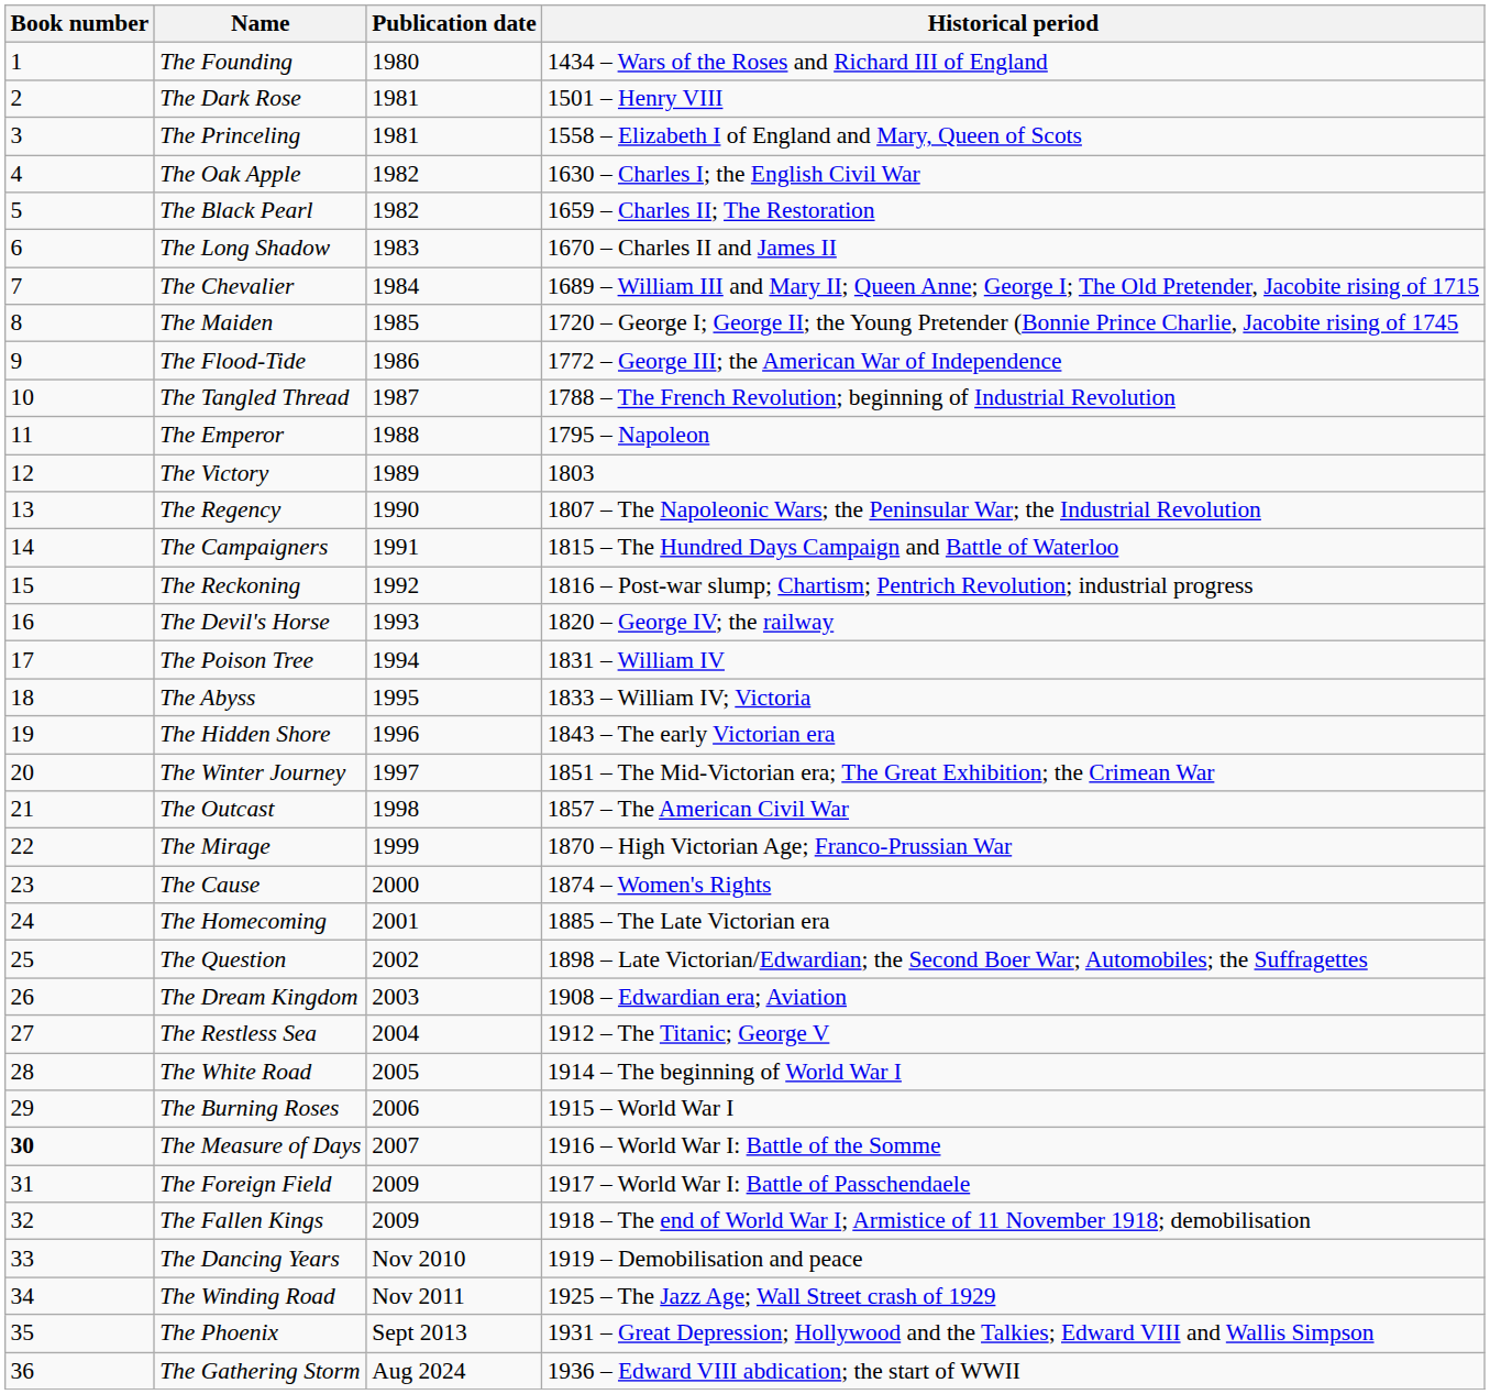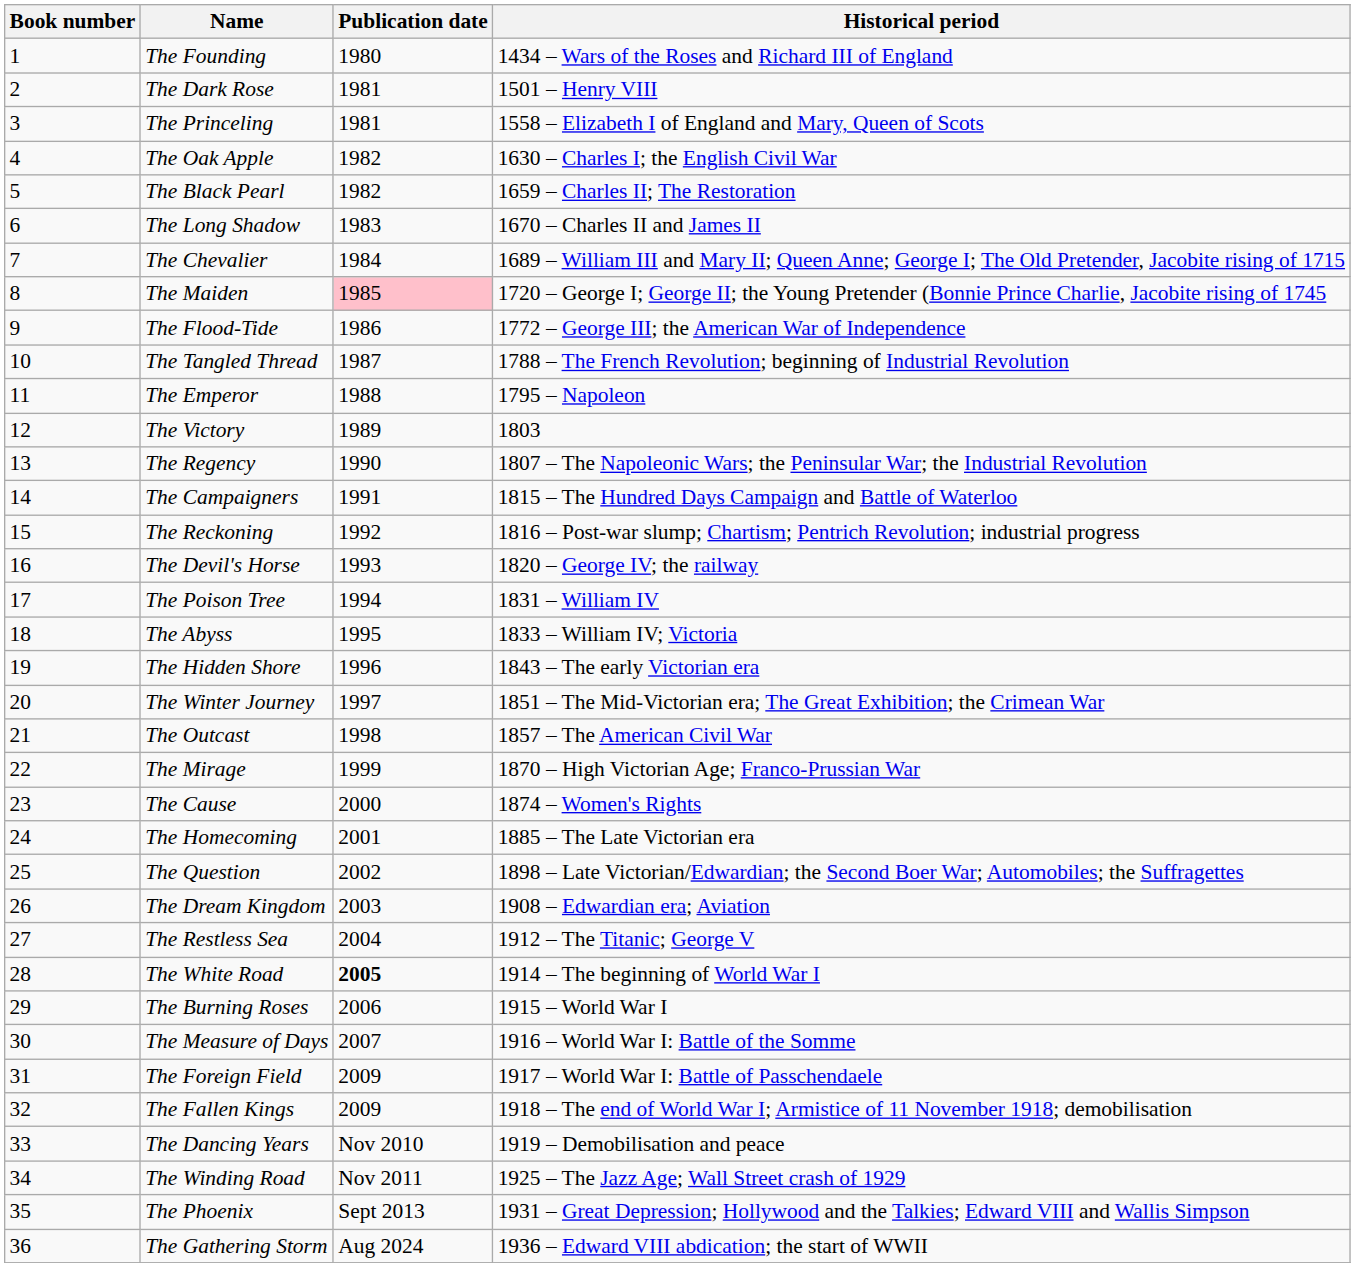 <table class="wikitable sortable">
 <tr>
 <th>Book number</th>
 <th>Name</th>
 <th>Publication date</th>
 <th>Historical period</th>
 </tr>
 <tr>
 <td>1</td>
 <td><em>The Founding</em></td>
 <td>1980</td>
 <td>1434 – <a href='#'>Wars of the Roses</a> and <a href='#'>Richard III of England</a></td>
 </tr>
 <tr>
 <td>2</td>
 <td><em>The Dark Rose</em></td>
 <td>1981</td>
 <td>1501 – <a href='#'>Henry VIII</a></td>
 </tr>
 <tr>
 <td>3</td>
 <td><em>The Princeling</em></td>
 <td>1981</td>
 <td>1558 – <a href='#'>Elizabeth I</a> of England and <a href='#'>Mary, Queen of Scots</a></td>
 </tr>
 <tr>
 <td>4</td>
 <td><em>The Oak Apple</em></td>
 <td>1982</td>
 <td>1630 – <a href='#'>Charles I</a>; the <a href='#'>English Civil War</a></td>
 </tr>
 <tr>
 <td>5</td>
 <td><em>The Black Pearl</em></td>
 <td>1982</td>
 <td>1659 – <a href='#'>Charles II</a>; <a href='#'>The Restoration</a></td>
 </tr>
 <tr>
 <td>6</td>
 <td><em>The Long Shadow</em></td>
 <td>1983</td>
 <td>1670 – Charles II and <a href='#'>James II</a></td>
 </tr>
 <tr>
 <td>7</td>
 <td><em>The Chevalier</em></td>
 <td>1984</td>
 <td>1689 – <a href='#'>William III</a> and <a href='#'>Mary II</a>; <a href='#'>Queen Anne</a>; <a href='#'>George I</a>; <a href='#'>The Old Pretender</a>, <a href='#'>Jacobite rising of 1715</a></td>
 </tr>
 <tr>
 <td>8</td>
 <td><em>The Maiden</em></td>
-<td>1985</td>
+<td style="background: pink;">1985</td>
 <td>1720 – George I; <a href='#'>George II</a>; the Young Pretender (<a href='#'>Bonnie Prince Charlie</a>, <a href='#'>Jacobite rising of 1745</a></td>
 </tr>
 <tr>
 <td>9</td>
 <td><em>The Flood-Tide</em></td>
 <td>1986</td>
 <td>1772 – <a href='#'>George III</a>; the <a href='#'>American War of Independence</a></td>
 </tr>
 <tr>
 <td>10</td>
 <td><em>The Tangled Thread</em></td>
 <td>1987</td>
 <td>1788 – <a href='#'>The French Revolution</a>; beginning of <a href='#'>Industrial Revolution</a></td>
 </tr>
 <tr>
 <td>11</td>
 <td><em>The Emperor</em></td>
 <td>1988</td>
 <td>1795 – <a href='#'>Napoleon</a></td>
 </tr>
 <tr>
 <td>12</td>
 <td><em>The Victory</em></td>
 <td>1989</td>
 <td>1803</td>
 </tr>
 <tr>
 <td>13</td>
 <td><em>The Regency</em></td>
 <td>1990</td>
 <td>1807 – The <a href='#'>Napoleonic Wars</a>; the <a href='#'>Peninsular War</a>; the <a href='#'>Industrial Revolution</a></td>
 </tr>
 <tr>
 <td>14</td>
 <td><em>The Campaigners</em></td>
 <td>1991</td>
 <td>1815 – The <a href='#'>Hundred Days Campaign</a> and <a href='#'>Battle of Waterloo</a></td>
 </tr>
 <tr>
 <td>15</td>
 <td><em>The Reckoning</em></td>
 <td>1992</td>
 <td>1816 – Post-war slump; <a href='#'>Chartism</a>; <a href='#'>Pentrich Revolution</a>; industrial progress</td>
 </tr>
 <tr>
 <td>16</td>
 <td><em>The Devil's Horse</em></td>
 <td>1993</td>
 <td>1820 – <a href='#'>George IV</a>; the <a href='#'>railway</a></td>
 </tr>
 <tr>
 <td>17</td>
 <td><em>The Poison Tree</em></td>
 <td>1994</td>
 <td>1831 – <a href='#'>William IV</a></td>
 </tr>
 <tr>
 <td>18</td>
 <td><em>The Abyss</em></td>
 <td>1995</td>
 <td>1833 – William IV; <a href='#'>Victoria</a></td>
 </tr>
 <tr>
 <td>19</td>
 <td><em>The Hidden Shore</em></td>
 <td>1996</td>
 <td>1843 – The early <a href='#'>Victorian era</a></td>
 </tr>
 <tr>
 <td>20</td>
 <td><em>The Winter Journey</em></td>
 <td>1997</td>
 <td>1851 – The Mid-Victorian era; <a href='#'>The Great Exhibition</a>; the <a href='#'>Crimean War</a></td>
 </tr>
 <tr>
 <td>21</td>
 <td><em>The Outcast</em></td>
 <td>1998</td>
 <td>1857 – The <a href='#'>American Civil War</a></td>
 </tr>
 <tr>
 <td>22</td>
 <td><em>The Mirage</em></td>
 <td>1999</td>
 <td>1870 – High Victorian Age; <a href='#'>Franco-Prussian War</a></td>
 </tr>
 <tr>
 <td>23</td>
 <td><em>The Cause</em></td>
 <td>2000</td>
 <td>1874 – <a href='#'>Women's Rights</a></td>
 </tr>
 <tr>
 <td>24</td>
 <td><em>The Homecoming</em></td>
 <td>2001</td>
 <td>1885 – The Late Victorian era</td>
 </tr>
 <tr>
 <td>25</td>
 <td><em>The Question</em></td>
 <td>2002</td>
 <td>1898 – Late Victorian/<a href='#'>Edwardian</a>; the <a href='#'>Second Boer War</a>; <a href='#'>Automobiles</a>; the <a href='#'>Suffragettes</a></td>
 </tr>
 <tr>
 <td>26</td>
 <td><em>The Dream Kingdom</em></td>
 <td>2003</td>
 <td>1908 – <a href='#'>Edwardian era</a>; <a href='#'>Aviation</a></td>
 </tr>
 <tr>
 <td>27</td>
 <td><em>The Restless Sea</em></td>
 <td>2004</td>
 <td>1912 – The <a href='#'>Titanic</a>; <a href='#'>George V</a></td>
 </tr>
 <tr>
 <td>28</td>
 <td><em>The White Road</em></td>
-<td>2005</td>
+<td><strong>2005</strong></td>
 <td>1914 – The beginning of <a href='#'>World War I</a></td>
 </tr>
 <tr>
 <td>29</td>
 <td><em>The Burning Roses</em></td>
 <td>2006</td>
 <td>1915 – World War I</td>
 </tr>
 <tr>
-<td><strong>30</strong></td>
+<td>30</td>
 <td><em>The Measure of Days</em></td>
 <td>2007</td>
 <td>1916 – World War I: <a href='#'>Battle of the Somme</a></td>
 </tr>
 <tr>
 <td>31</td>
 <td><em>The Foreign Field</em></td>
 <td>2009</td>
 <td>1917 – World War I: <a href='#'>Battle of Passchendaele</a></td>
 </tr>
 <tr>
 <td>32</td>
 <td><em>The Fallen Kings</em></td>
 <td>2009</td>
 <td>1918 – The <a href='#'>end of World War I</a>; <a href='#'>Armistice of 11 November 1918</a>; demobilisation</td>
 </tr>
 <tr>
 <td>33</td>
 <td><em>The Dancing Years</em></td>
 <td>Nov 2010</td>
 <td>1919 – Demobilisation and peace</td>
 </tr>
 <tr>
 <td>34</td>
 <td><em>The Winding Road</em></td>
 <td>Nov 2011</td>
 <td>1925 – The <a href='#'>Jazz Age</a>; <a href='#'>Wall Street crash of 1929</a></td>
 </tr>
 <tr>
 <td>35</td>
 <td><em>The Phoenix</em></td>
 <td>Sept 2013</td>
 <td>1931 – <a href='#'>Great Depression</a>; <a href='#'>Hollywood</a> and the <a href='#'>Talkies</a>; <a href='#'>Edward VIII</a> and <a href='#'>Wallis Simpson</a></td>
 </tr>
 <tr>
 <td>36</td>
 <td><em>The Gathering Storm</em></td>
 <td>Aug 2024</td>
 <td>1936 – <a href='#'>Edward VIII abdication</a>; the start of WWII</td>
 </tr>
 <tr>
 </tr>
 </table>
